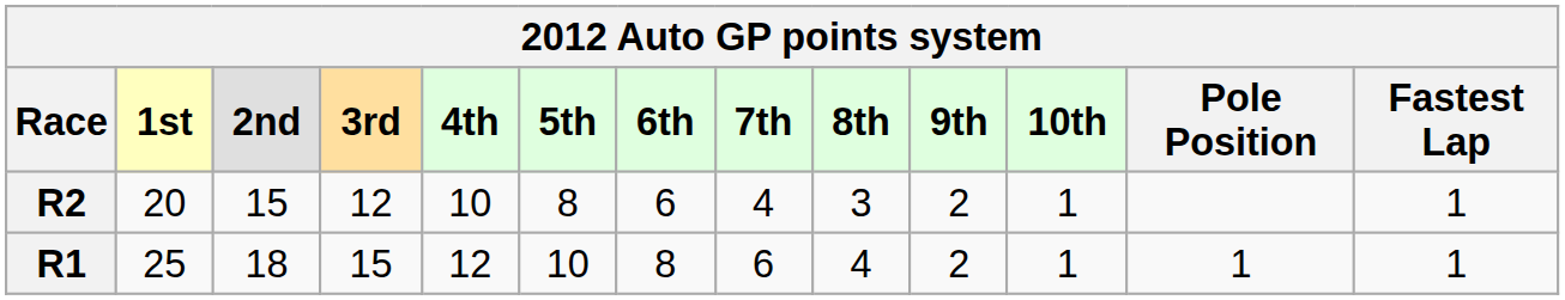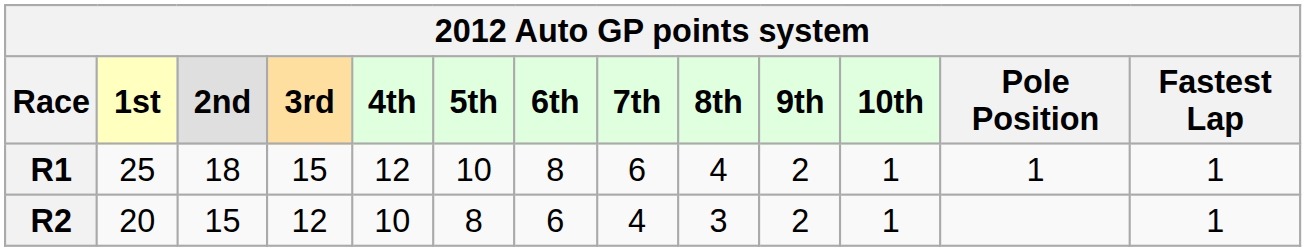 <table class="wikitable" style="font-size:95%; text-align:center">
 <tr>
 <th colspan="13">2012 Auto GP points system</th>
 </tr>
 <tr>
 <th>Race</th>
 <td style="background:#ffffbf;"> <strong>1st</strong> </td>
 <td style="background:#dfdfdf;"> <strong>2nd</strong> </td>
 <td style="background:#ffdf9f;"> <strong>3rd</strong> </td>
 <td style="background:#dfffdf;"> <strong>4th</strong> </td>
 <td style="background:#dfffdf;"> <strong>5th</strong> </td>
 <td style="background:#dfffdf;"> <strong>6th</strong> </td>
 <td style="background:#dfffdf;"> <strong>7th</strong> </td>
 <td style="background:#dfffdf;"> <strong>8th</strong> </td>
 <td style="background:#dfffdf;"> <strong>9th</strong> </td>
 <td style="background:#dfffdf;"> <strong>10th</strong> </td>
 <th>Pole Position</th>
 <th>Fastest Lap</th>
 </tr>
 <tr>
+<th>R1</th>
+<td>25</td>
+<td>18</td>
+<td>15</td>
+<td>12</td>
+<td>10</td>
+<td>8</td>
+<td>6</td>
+<td>4</td>
+<td>2</td>
+<td>1</td>
+<td>1</td>
+<td>1</td>
+</tr>
+<tr>
 <th>R2</th>
 <td>20</td>
 <td>15</td>
 <td>12</td>
 <td>10</td>
 <td>8</td>
 <td>6</td>
 <td>4</td>
 <td>3</td>
 <td>2</td>
 <td>1</td>
 <td></td>
 <td>1</td>
 </tr>
-<tr>
-<th>R1</th>
-<td>25</td>
-<td>18</td>
-<td>15</td>
-<td>12</td>
-<td>10</td>
-<td>8</td>
-<td>6</td>
-<td>4</td>
-<td>2</td>
-<td>1</td>
-<td>1</td>
-<td>1</td>
-</tr>
 </table>
